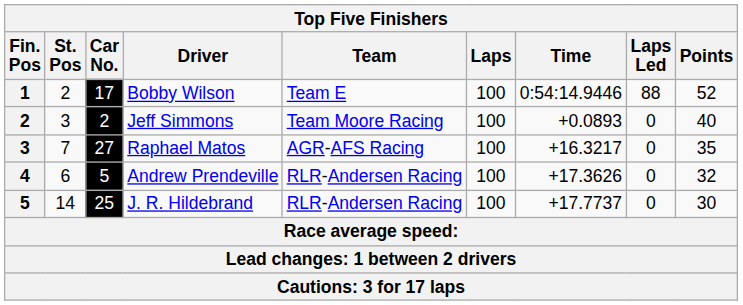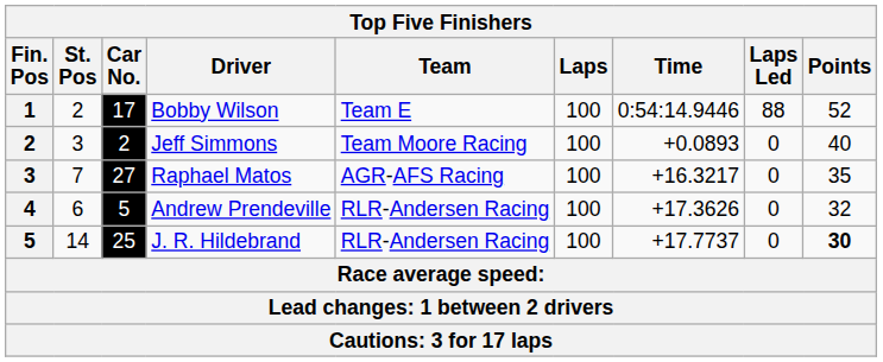 <table class="wikitable" style="font-size:85%;">
 <tr>
 <th colspan=9>Top Five Finishers</th>
 </tr>
 <tr>
 <th>Fin.<br>Pos</th>
 <th>St.<br>Pos</th>
 <th>Car<br>No.</th>
 <th>Driver</th>
 <th>Team</th>
 <th>Laps</th>
 <th>Time</th>
 <th>Laps<br>Led</th>
 <th>Points</th>
 </tr>
 <tr>
 <th>1</th>
 <td align=center>2</td>
 <td style="background:#000000; color:white;" align=center>17</td>
 <td> <a href='#'>Bobby Wilson</a></td>
 <td><a href='#'>Team E</a></td>
 <td align=center>100</td>
 <td align=right>0:54:14.9446</td>
 <td align=center>88</td>
 <td align=center>52</td>
 </tr>
 <tr>
 <th>2</th>
 <td align=center>3</td>
 <td style="background:#000000; color:white;" align=center>2</td>
 <td> <a href='#'>Jeff Simmons</a></td>
 <td><a href='#'>Team Moore Racing</a></td>
 <td align=center>100</td>
 <td align=right>+0.0893</td>
 <td align=center>0</td>
 <td align=center>40</td>
 </tr>
 <tr>
 <th>3</th>
 <td align=center>7</td>
 <td style="background:#000000; color:white;" align=center>27</td>
 <td> <a href='#'>Raphael Matos</a></td>
 <td><a href='#'>AGR</a>-<a href='#'>AFS Racing</a></td>
 <td align=center>100</td>
 <td align=right>+16.3217</td>
 <td align=center>0</td>
 <td align=center>35</td>
 </tr>
 <tr>
 <th>4</th>
 <td align=center>6</td>
 <td style="background:#000000; color:white;" align=center>5</td>
 <td> <a href='#'>Andrew Prendeville</a></td>
 <td><a href='#'>RLR</a>-<a href='#'>Andersen Racing</a></td>
 <td align=center>100</td>
 <td align=right>+17.3626</td>
 <td align=center>0</td>
 <td align=center>32</td>
 </tr>
 <tr>
 <th>5</th>
 <td align=center>14</td>
 <td style="background:#000000; color:white;" align=center>25</td>
 <td> <a href='#'>J. R. Hildebrand</a></td>
 <td><a href='#'>RLR</a>-<a href='#'>Andersen Racing</a></td>
 <td align=center>100</td>
 <td align=right>+17.7737</td>
 <td align=center>0</td>
-<td align=center>30</td>
+<td align=center><strong>30</strong></td>
 </tr>
 <tr>
 <th colspan=9>Race average speed: </th>
 </tr>
 <tr>
 <th colspan=9>Lead changes: 1 between 2 drivers</th>
 </tr>
 <tr>
 <th colspan=9>Cautions: 3 for 17 laps</th>
 </tr>
 </table>
